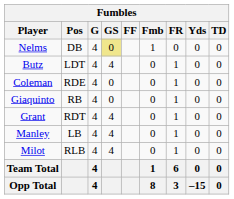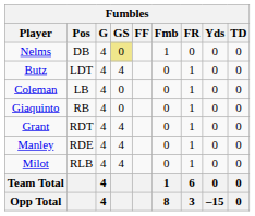 <table class="wikitable" style="text-align:center">
 <tr>
 <th colspan="9">Fumbles</th>
 </tr>
 <tr>
 <th>Player</th>
 <th>Pos</th>
 <th>G</th>
 <th>GS</th>
 <th>FF</th>
 <th>Fmb</th>
 <th>FR</th>
 <th>Yds</th>
 <th>TD</th>
 </tr>
 <tr>
 <td><a href='#'>Nelms</a></td>
 <td>DB</td>
 <td>4</td>
 <td style="background: khaki;">0</td>
 <td></td>
 <td>1</td>
 <td>0</td>
 <td>0</td>
 <td>0</td>
 </tr>
 <tr>
 <td><a href='#'>Butz</a></td>
 <td>LDT</td>
 <td>4</td>
 <td>4</td>
 <td></td>
 <td>0</td>
 <td>1</td>
 <td>0</td>
 <td>0</td>
 </tr>
 <tr>
 <td><a href='#'>Coleman</a></td>
-<td>RDE</td>
+<td>LB</td>
 <td>4</td>
 <td>0</td>
 <td></td>
 <td>0</td>
 <td>1</td>
 <td>0</td>
 <td>0</td>
 </tr>
 <tr>
 <td><a href='#'>Giaquinto</a></td>
 <td>RB</td>
 <td>4</td>
 <td>0</td>
 <td></td>
 <td>0</td>
 <td>1</td>
 <td>0</td>
 <td>0</td>
 </tr>
 <tr>
 <td><a href='#'>Grant</a></td>
 <td>RDT</td>
 <td>4</td>
 <td>4</td>
 <td></td>
 <td>0</td>
 <td>1</td>
 <td>0</td>
 <td>0</td>
 </tr>
 <tr>
 <td><a href='#'>Manley</a></td>
-<td>LB</td>
+<td>RDE</td>
 <td>4</td>
 <td>4</td>
 <td></td>
 <td>0</td>
 <td>1</td>
 <td>0</td>
 <td>0</td>
 </tr>
 <tr>
 <td><a href='#'>Milot</a></td>
 <td>RLB</td>
 <td>4</td>
 <td>4</td>
 <td></td>
 <td>0</td>
 <td>1</td>
 <td>0</td>
 <td>0</td>
 </tr>
 <tr>
 <th>Team Total</th>
 <th></th>
 <th>4</th>
 <th></th>
 <th></th>
 <th>1</th>
 <th>6</th>
 <th>0</th>
 <th>0</th>
 </tr>
 <tr>
 <th>Opp Total</th>
 <th></th>
 <th>4</th>
 <th></th>
 <th></th>
 <th>8</th>
 <th>3</th>
 <th>–15</th>
 <th>0</th>
 </tr>
 </table>
